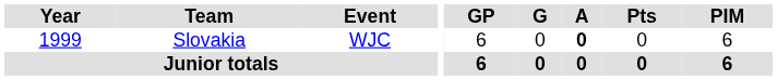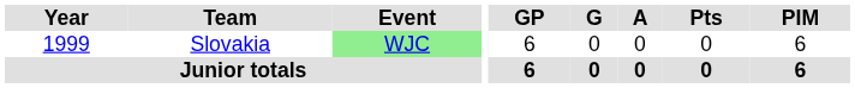 <table border="0" cellpadding="1" cellspacing="0" ID="Table3" style="text-align:center; width:40em">
 <tr ALIGN="center" bgcolor="#e0e0e0">
 <th>Year</th>
 <th>Team</th>
 <th>Event</th>
 <th rowspan="99" bgcolor="#ffffff"></th>
 <th>GP</th>
 <th>G</th>
 <th>A</th>
 <th>Pts</th>
 <th>PIM</th>
 </tr>
 <tr>
 <td><a href='#'>1999</a></td>
 <td><a href='#'>Slovakia</a></td>
-<td><a href='#'>WJC</a></td>
+<td style="background: lightgreen;"><a href='#'>WJC</a></td>
 <td>6</td>
 <td>0</td>
-<td><strong>0</strong></td>
+<td>0</td>
 <td>0</td>
 <td>6</td>
 </tr>
 <tr bgcolor="#e0e0e0">
 <th colspan="3">Junior totals</th>
 <th>6</th>
 <th>0</th>
 <th>0</th>
 <th>0</th>
 <th>6</th>
 </tr>
 </table>
